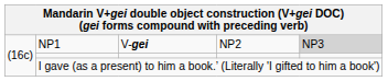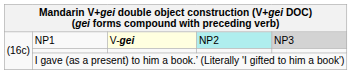 <table class="wikitable">
 <tr>
 <th colspan="6">Mandarin V+<em>gei</em> double object construction (V+<em>gei</em> DOC)<br>(<em>gei</em> forms compound with preceding verb)</th>
 </tr>
 <tr>
 <td rowspan="4">(16c)</td>
 <td>NP1</td>
-<td>V-<strong><em>gei</em></strong></td>
-<td>NP2</td>
+<td style="background: lightyellow;">V-<strong><em>gei</em></strong></td>
+<td style="background: paleturquoise;">NP2</td>
 <td style="background: lightgrey;">NP3</td>
 </tr>
 <tr>
 <td></td>
 <td></td>
 <td></td>
 <td></td>
 </tr>
 <tr>
 <td colspan="5">I gave (as a present) to him a book.’ (Literally 'I gifted to him a book')</td>
 </tr>
 </table>
